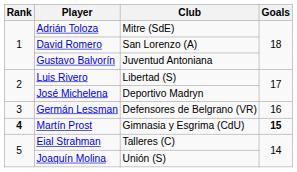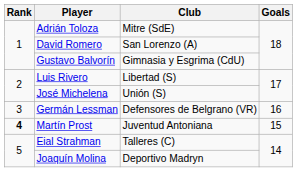 <table class="wikitable" style="text-align:center">
 <tr>
 <th>Rank</th>
 <th>Player</th>
 <th>Club</th>
 <th>Goals</th>
 </tr>
 <tr>
 <td rowspan="3">1</td>
 <td align="left"> <a href='#'>Adrián Toloza</a></td>
 <td align="left">Mitre (SdE)</td>
 <td rowspan="3">18</td>
 </tr>
 <tr>
 <td align="left"> <a href='#'>David Romero</a></td>
 <td align="left">San Lorenzo (A)</td>
 </tr>
 <tr>
 <td align="left"> <a href='#'>Gustavo Balvorín</a></td>
-<td align="left">Juventud Antoniana</td>
+<td align="left">Gimnasia y Esgrima (CdU)</td>
 </tr>
 <tr>
 <td rowspan="2">2</td>
 <td align="left"> <a href='#'>Luis Rivero</a></td>
 <td align="left">Libertad (S)</td>
 <td rowspan="2">17</td>
 </tr>
 <tr>
 <td align="left"> <a href='#'>José Michelena</a></td>
-<td align="left">Deportivo Madryn</td>
+<td align="left">Unión (S)</td>
 </tr>
 <tr>
 <td>3</td>
 <td align="left"> <a href='#'>Germán Lessman</a></td>
 <td align="left">Defensores de Belgrano (VR)</td>
 <td>16</td>
 </tr>
 <tr>
 <td><strong>4</strong></td>
 <td align="left"> <a href='#'>Martín Prost</a></td>
-<td align="left">Gimnasia y Esgrima (CdU)</td>
-<td><strong>15</strong></td>
+<td align="left">Juventud Antoniana</td>
+<td>15</td>
 </tr>
 <tr>
 <td rowspan="2">5</td>
 <td align="left"> <a href='#'>Eial Strahman</a></td>
 <td align="left">Talleres (C)</td>
 <td rowspan="2">14</td>
 </tr>
 <tr>
 <td align="left"> <a href='#'>Joaquín Molina</a></td>
-<td align="left">Unión (S)</td>
+<td align="left">Deportivo Madryn</td>
 </tr>
 </table>
